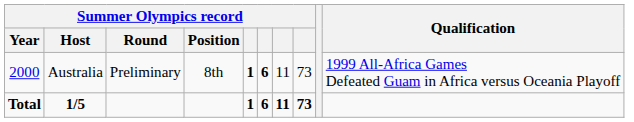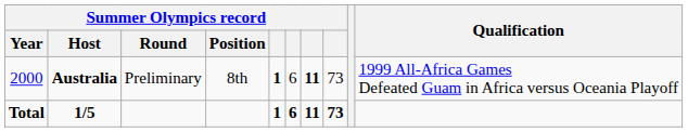 <table class="wikitable" style="text-align: center;">
 <tr>
 <th colspan=8><a href='#'>Summer Olympics record</a></th>
 <th rowspan="4"></th>
 <th rowspan=2>Qualification</th>
 </tr>
 <tr>
 <th>Year</th>
 <th>Host</th>
 <th>Round</th>
 <th>Position</th>
 <th></th>
 <th></th>
 <th></th>
 <th></th>
 </tr>
 <tr>
 <td><a href='#'>2000</a></td>
-<td>Australia</td>
+<td><strong>Australia</strong></td>
 <td>Preliminary</td>
 <td>8th</td>
 <td><strong>1</strong></td>
-<td><strong>6</strong></td>
-<td>11</td>
+<td>6</td>
+<td><strong>11</strong></td>
 <td>73</td>
 <td align=left> <a href='#'>1999 All-Africa Games</a><br>Defeated <a href='#'>Guam</a> in Africa versus Oceania Playoff</td>
 </tr>
 <tr>
 <td><strong>Total</strong></td>
 <td><strong>1/5</strong></td>
 <td></td>
 <td></td>
 <td><strong>1</strong></td>
 <td><strong>6</strong></td>
 <td><strong>11</strong></td>
 <td><strong>73</strong></td>
 <td></td>
 </tr>
 </table>
